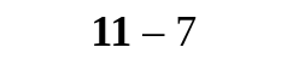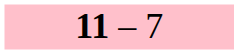 <table style="text-align:center">
 <tr>
 <th width=200></th>
 <th width=100></th>
 <th width=200></th>
 </tr>
 <tr>
 <td align=right><strong></strong></td>
-<td><strong>11</strong> – 7</td>
+<td style="background: pink;"><strong>11</strong> – 7</td>
 <td align=left></td>
 </tr>
 </table>
